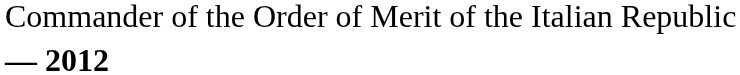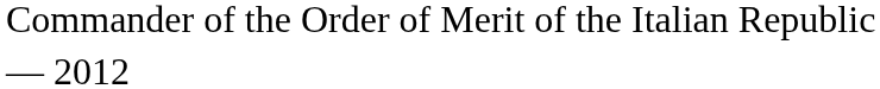 <table>
 <tr>
 <td rowspan=2 style="width:60px; vertical-align:top;"></td>
 <td>Commander of the Order of Merit of the Italian Republic</td>
 </tr>
 <tr>
-<td><strong>— 2012</strong></td>
+<td>— 2012</td>
 </tr>
 </table>
